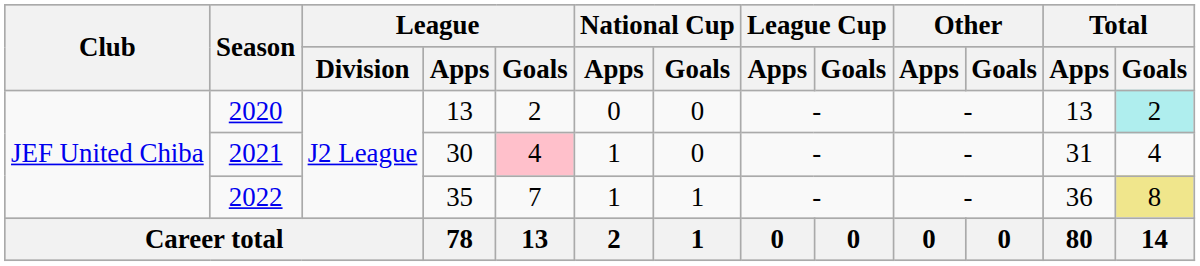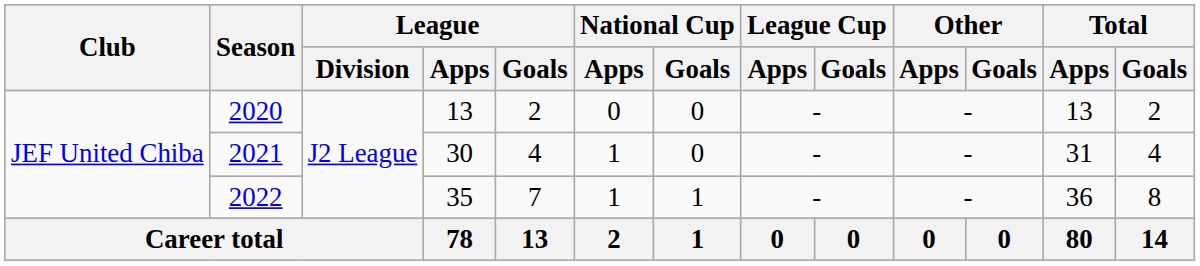 <table class="wikitable" style="text-align: center;">
 <tr>
 <th rowspan="2">Club</th>
 <th rowspan="2">Season</th>
 <th colspan="3">League</th>
 <th colspan="2">National Cup</th>
 <th colspan="2">League Cup</th>
 <th colspan="2">Other</th>
 <th colspan="2">Total</th>
 </tr>
 <tr>
 <th>Division</th>
 <th>Apps</th>
 <th>Goals</th>
 <th>Apps</th>
 <th>Goals</th>
 <th>Apps</th>
 <th>Goals</th>
 <th>Apps</th>
 <th>Goals</th>
 <th>Apps</th>
 <th>Goals</th>
 </tr>
 <tr>
 <td rowspan="3"><a href='#'>JEF United Chiba</a></td>
 <td><a href='#'>2020</a></td>
 <td rowspan="3"><a href='#'>J2 League</a></td>
 <td>13</td>
 <td>2</td>
 <td>0</td>
 <td>0</td>
 <td colspan=2>-</td>
 <td colspan=2>-</td>
 <td>13</td>
-<td style="background: paleturquoise;">2</td>
+<td>2</td>
 </tr>
 <tr>
 <td><a href='#'>2021</a></td>
 <td>30</td>
-<td style="background: pink;">4</td>
+<td>4</td>
 <td>1</td>
 <td>0</td>
 <td colspan=2>-</td>
 <td colspan=2>-</td>
 <td>31</td>
 <td>4</td>
 </tr>
 <tr>
 <td><a href='#'>2022</a></td>
 <td>35</td>
 <td>7</td>
 <td>1</td>
 <td>1</td>
 <td colspan=2>-</td>
 <td colspan=2>-</td>
 <td>36</td>
-<td style="background: khaki;">8</td>
+<td>8</td>
 </tr>
 <tr>
 <th colspan="3">Career total</th>
 <th>78</th>
 <th>13</th>
 <th>2</th>
 <th>1</th>
 <th>0</th>
 <th>0</th>
 <th>0</th>
 <th>0</th>
 <th>80</th>
 <th>14</th>
 </tr>
 </table>
